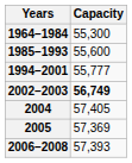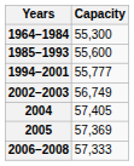 <table class="wikitable">
 <tr>
 <th scope="row">Years</th>
 <th scope="row">Capacity</th>
 </tr>
 <tr>
 <th scope="row">1964–1984</th>
 <td>55,300</td>
 </tr>
 <tr>
 <th scope="row">1985–1993</th>
 <td>55,600</td>
 </tr>
 <tr>
 <th scope="row">1994–2001</th>
 <td>55,777</td>
 </tr>
 <tr>
 <th scope="row">2002–2003</th>
-<td><strong>56,749</strong></td>
+<td>56,749</td>
 </tr>
 <tr>
 <th scope="row">2004</th>
 <td>57,405</td>
 </tr>
 <tr>
 <th scope="row">2005</th>
 <td>57,369</td>
 </tr>
 <tr>
 <th scope="row">2006–2008</th>
-<td>57,393</td>
+<td>57,333</td>
 </tr>
 </table>
